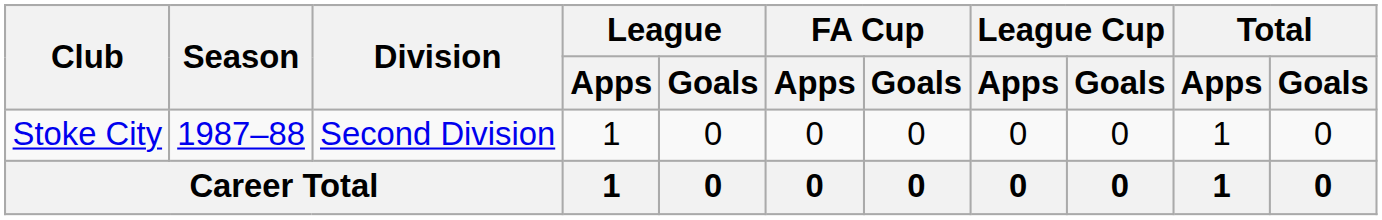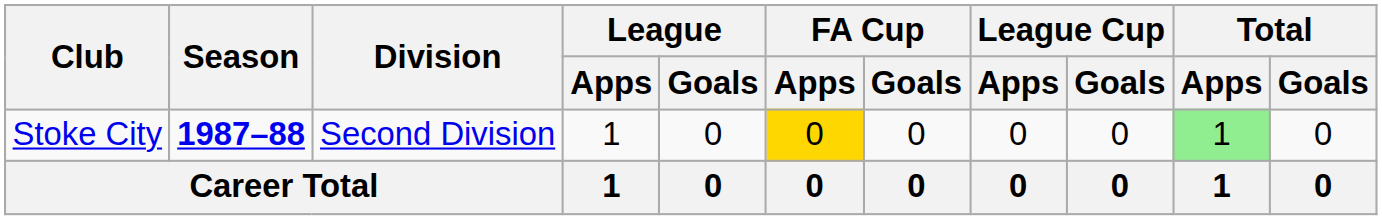 <table class="wikitable" style="text-align: center;">
 <tr>
 <th rowspan="2">Club</th>
 <th rowspan="2">Season</th>
 <th rowspan="2">Division</th>
 <th colspan="2">League</th>
 <th colspan="2">FA Cup</th>
 <th colspan="2">League Cup</th>
 <th colspan="2">Total</th>
 </tr>
 <tr>
 <th>Apps</th>
 <th>Goals</th>
 <th>Apps</th>
 <th>Goals</th>
 <th>Apps</th>
 <th>Goals</th>
 <th>Apps</th>
 <th>Goals</th>
 </tr>
 <tr>
 <td><a href='#'>Stoke City</a></td>
-<td><a href='#'>1987–88</a></td>
+<td><strong><a href='#'>1987–88</a></strong></td>
 <td><a href='#'>Second Division</a></td>
 <td>1</td>
 <td>0</td>
+<td style="background: gold;">0</td>
 <td>0</td>
 <td>0</td>
 <td>0</td>
-<td>0</td>
-<td>1</td>
+<td style="background: lightgreen;">1</td>
 <td>0</td>
 </tr>
 <tr>
 <th colspan="3">Career Total</th>
 <th>1</th>
 <th>0</th>
 <th>0</th>
 <th>0</th>
 <th>0</th>
 <th>0</th>
 <th>1</th>
 <th>0</th>
 </tr>
 </table>
